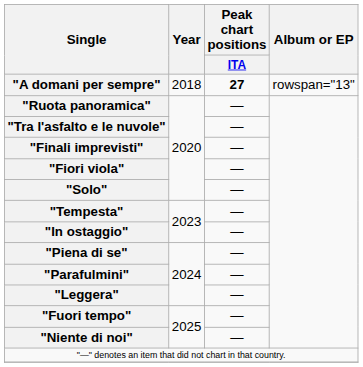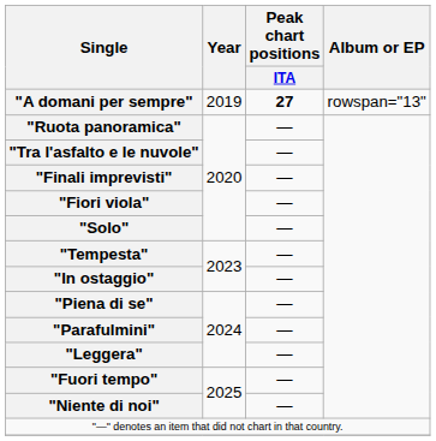 <table class="wikitable plainrowheaders" style="text-align:center;">
 <tr>
 <th scope="col" rowspan="2">Single</th>
 <th scope="col" rowspan="2">Year</th>
 <th scope="col" colspan="1">Peak chart positions</th>
 <th scope="col" rowspan="2">Album or EP</th>
 </tr>
 <tr>
 <th scope="col" style="width:3em;font-size:90%;"><a href='#'>ITA</a><br></th>
 </tr>
 <tr>
 <th scope="row">"A domani per sempre"</th>
-<td>2018</td>
+<td>2019</td>
 <td><strong>27</strong></td>
 <td>rowspan="13" </td>
 </tr>
 <tr>
 <th scope="row">"Ruota panoramica"</th>
 <td rowspan="5">2020</td>
 <td>—</td>
 </tr>
 <tr>
 <th scope="row">"Tra l'asfalto e le nuvole"</th>
 <td>—</td>
 </tr>
 <tr>
 <th scope="row">"Finali imprevisti"</th>
 <td>—</td>
 </tr>
 <tr>
 <th scope="row">"Fiori viola"</th>
 <td>—</td>
 </tr>
 <tr>
 <th scope="row">"Solo"</th>
 <td>—</td>
 </tr>
 <tr>
 <th scope="row">"Tempesta"</th>
 <td rowspan="2">2023</td>
 <td>—</td>
 </tr>
 <tr>
 <th scope="row">"In ostaggio"</th>
 <td>—</td>
 </tr>
 <tr>
 <th scope="row">"Piena di se"</th>
 <td rowspan="3">2024</td>
 <td>—</td>
 </tr>
 <tr>
 <th scope="row">"Parafulmini"</th>
 <td>—</td>
 </tr>
 <tr>
 <th scope="row">"Leggera"</th>
 <td>—</td>
 </tr>
 <tr>
 <th scope="row">"Fuori tempo"</th>
 <td rowspan="2">2025</td>
 <td>—</td>
 </tr>
 <tr>
 <th scope="row">"Niente di noi"</th>
 <td>—</td>
 </tr>
 <tr>
 <td colspan="6" style="text-align:center; font-size:8pt;">"—" denotes an item that did not chart in that country.</td>
 </tr>
 <tr>
 </tr>
 </table>
